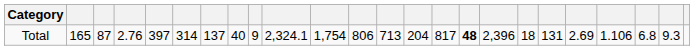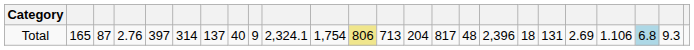 <table class="wikitable"  style="font-size: 95%; text-align:center;">
 <tr>
 <th>Category</th>
 <th></th>
 <th></th>
 <th></th>
 <th></th>
 <th></th>
 <th></th>
 <th></th>
 <th></th>
 <th></th>
 <th></th>
 <th></th>
 <th></th>
 <th></th>
 <th></th>
 <th></th>
 <th></th>
 <th></th>
 <th></th>
 <th></th>
 <th></th>
 <th></th>
 <th></th>
 <th></th>
 </tr>
 <tr>
 <td>Total</td>
 <td>165</td>
 <td>87</td>
 <td>2.76</td>
 <td>397</td>
 <td>314</td>
 <td>137</td>
 <td>40</td>
 <td>9</td>
 <td>2,324.1</td>
 <td>1,754</td>
-<td>806</td>
+<td style="background: khaki;">806</td>
 <td>713</td>
 <td>204</td>
 <td>817</td>
-<td><strong>48</strong></td>
+<td>48</td>
 <td>2,396</td>
 <td>18</td>
 <td>131</td>
 <td>2.69</td>
 <td>1.106</td>
-<td>6.8</td>
+<td style="background: lightblue;">6.8</td>
 <td>9.3</td>
 <td></td>
 </tr>
 </table>
